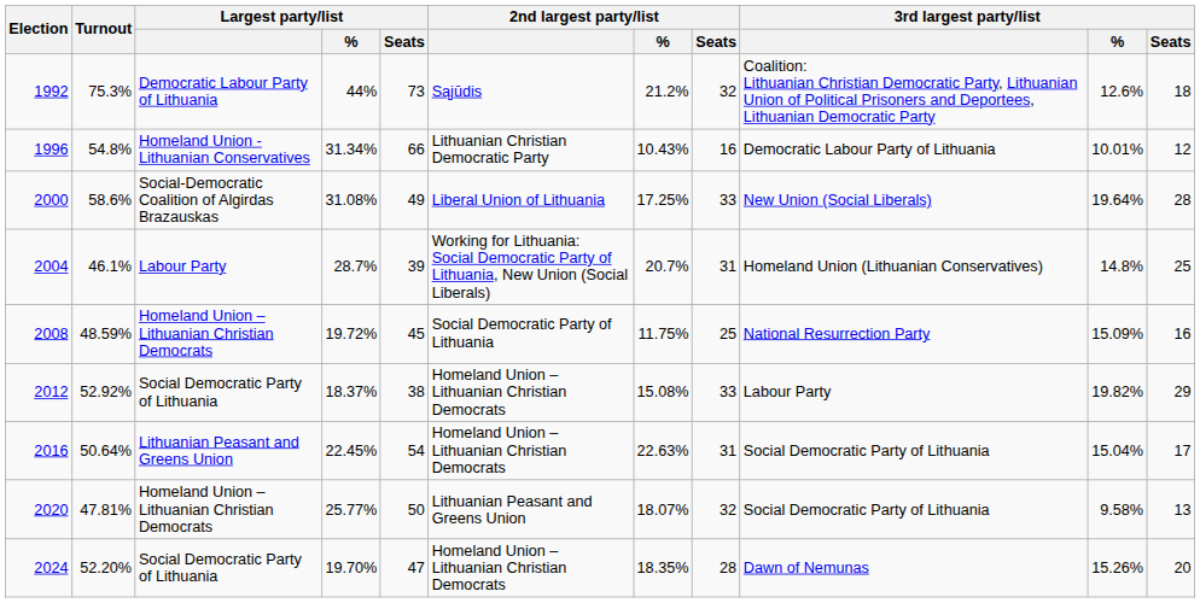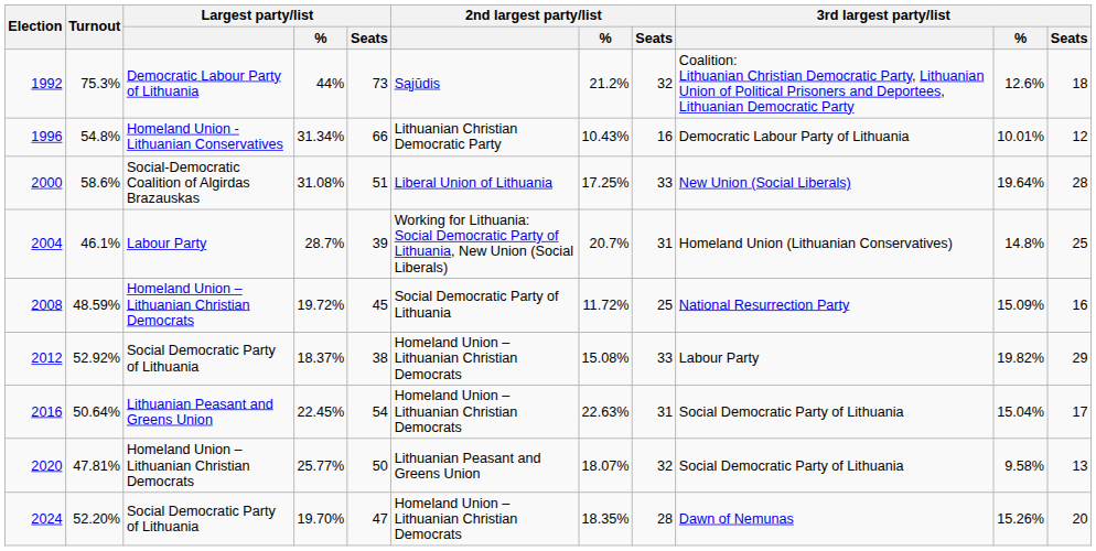 <table class=wikitable style=text-align:right>
 <tr>
 <th rowspan=2>Election</th>
 <th rowspan=2>Turnout</th>
 <th colspan=3>Largest party/list</th>
 <th colspan=3>2nd largest party/list</th>
 <th colspan=3>3rd largest party/list</th>
 </tr>
 <tr>
 <th></th>
 <th>%</th>
 <th>Seats</th>
 <th></th>
 <th>%</th>
 <th>Seats</th>
 <th></th>
 <th>%</th>
 <th>Seats</th>
 </tr>
 <tr>
 <td align=right><a href='#'>1992</a></td>
 <td>75.3%</td>
 <td align=left><a href='#'>Democratic Labour Party of Lithuania</a></td>
 <td>44%</td>
 <td>73</td>
 <td align=left><a href='#'>Sąjūdis</a></td>
 <td>21.2%</td>
 <td>32</td>
 <td align=left>Coalition:<br><a href='#'>Lithuanian Christian Democratic Party</a>, <a href='#'>Lithuanian Union of Political Prisoners and Deportees</a>, <a href='#'>Lithuanian Democratic Party</a></td>
 <td>12.6%</td>
 <td>18</td>
 </tr>
 <tr>
 <td align=right><a href='#'>1996</a></td>
 <td>54.8%</td>
 <td align=left><a href='#'>Homeland Union - Lithuanian Conservatives</a></td>
 <td>31.34%</td>
 <td>66</td>
 <td align=left>Lithuanian Christian Democratic Party</td>
 <td>10.43%</td>
 <td>16</td>
 <td align=left>Democratic Labour Party of Lithuania</td>
 <td>10.01%</td>
 <td>12</td>
 </tr>
 <tr>
 <td align=right><a href='#'>2000</a></td>
 <td>58.6%</td>
 <td align=left>Social-Democratic Coalition of Algirdas Brazauskas</td>
 <td>31.08%</td>
-<td>49</td>
+<td>51</td>
 <td align=left><a href='#'>Liberal Union of Lithuania</a></td>
 <td>17.25%</td>
 <td>33</td>
 <td align=left><a href='#'>New Union (Social Liberals)</a></td>
 <td>19.64%</td>
 <td>28</td>
 </tr>
 <tr>
 <td align=right><a href='#'>2004</a></td>
 <td>46.1%</td>
 <td align=left><a href='#'>Labour Party</a></td>
 <td>28.7%</td>
 <td>39</td>
 <td align=left>Working for Lithuania:<br><a href='#'>Social Democratic Party of Lithuania</a>, New Union (Social Liberals)</td>
 <td>20.7%</td>
 <td>31</td>
 <td align=left>Homeland Union (Lithuanian Conservatives)</td>
 <td>14.8%</td>
 <td>25</td>
 </tr>
 <tr>
 <td align=right><a href='#'>2008</a></td>
 <td>48.59%</td>
 <td align=left><a href='#'>Homeland Union – Lithuanian Christian Democrats</a></td>
 <td>19.72%</td>
 <td>45</td>
 <td align=left>Social Democratic Party of Lithuania</td>
-<td>11.75%</td>
+<td>11.72%</td>
 <td>25</td>
 <td align=left><a href='#'>National Resurrection Party</a></td>
 <td>15.09%</td>
 <td>16</td>
 </tr>
 <tr>
 <td align=right><a href='#'>2012</a></td>
 <td>52.92%</td>
 <td align=left>Social Democratic Party of Lithuania</td>
 <td>18.37%</td>
 <td>38</td>
 <td align=left>Homeland Union – Lithuanian Christian Democrats</td>
 <td>15.08%</td>
 <td>33</td>
 <td align=left>Labour Party</td>
 <td>19.82%</td>
 <td>29</td>
 </tr>
 <tr>
 <td align=right><a href='#'>2016</a></td>
 <td>50.64%</td>
 <td align=left><a href='#'>Lithuanian Peasant and Greens Union</a></td>
 <td>22.45%</td>
 <td>54</td>
 <td align=left>Homeland Union – Lithuanian Christian Democrats</td>
 <td>22.63%</td>
 <td>31</td>
 <td align=left>Social Democratic Party of Lithuania</td>
 <td>15.04%</td>
 <td>17</td>
 </tr>
 <tr>
 <td align=right><a href='#'>2020</a></td>
 <td>47.81%</td>
 <td align=left>Homeland Union – Lithuanian Christian Democrats</td>
 <td>25.77%</td>
 <td>50</td>
 <td align=left>Lithuanian Peasant and Greens Union</td>
 <td>18.07%</td>
 <td>32</td>
 <td align=left>Social Democratic Party of Lithuania</td>
 <td>9.58%</td>
 <td>13</td>
 </tr>
 <tr>
 <td align=right><a href='#'>2024</a></td>
 <td>52.20%</td>
 <td align=left>Social Democratic Party of Lithuania</td>
 <td>19.70%</td>
 <td>47</td>
 <td align=left>Homeland Union – Lithuanian Christian Democrats</td>
 <td>18.35%</td>
 <td>28</td>
 <td align=left><a href='#'>Dawn of Nemunas</a></td>
 <td>15.26%</td>
 <td>20</td>
 </tr>
 </table>
